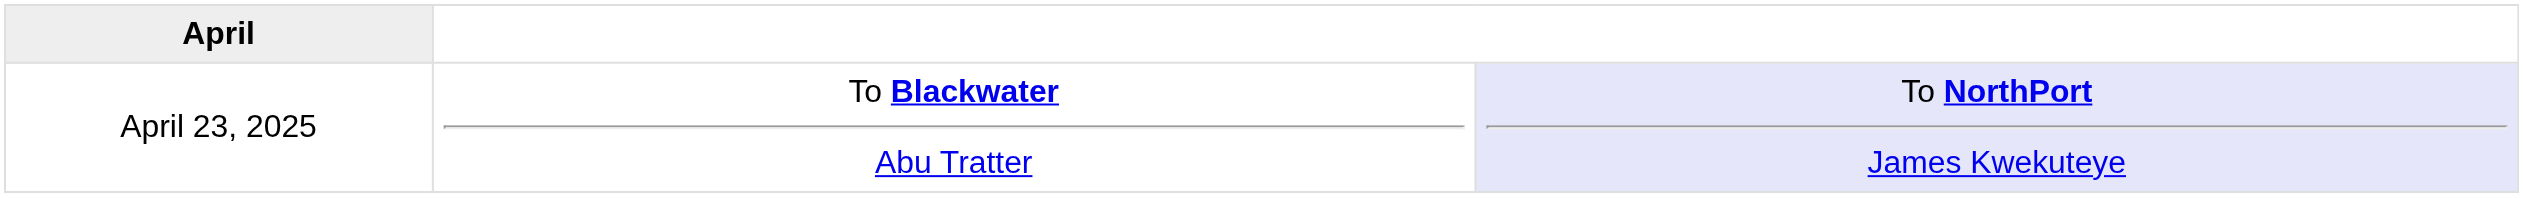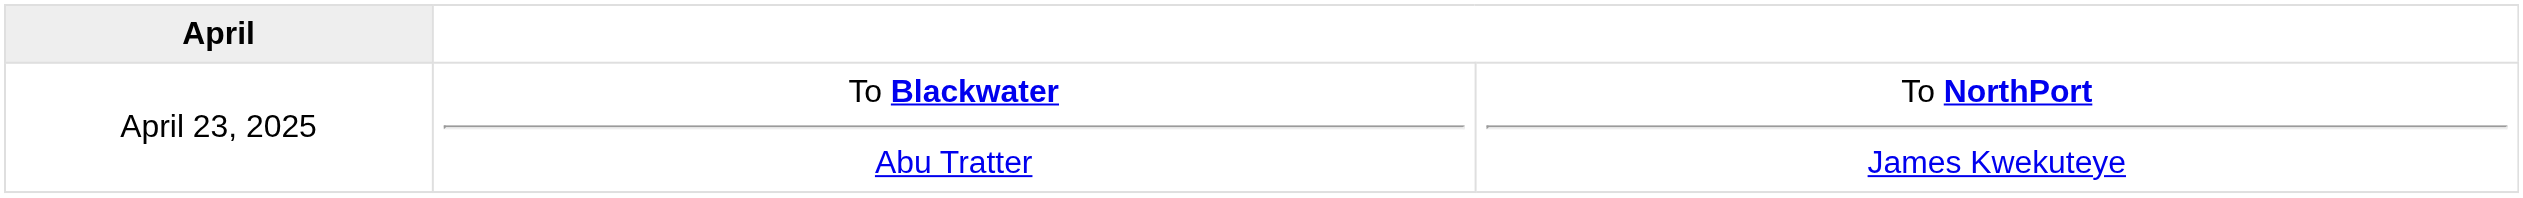 <table border=1 style="border-collapse:collapse; text-align: center; width: 100%" bordercolor="#DFDFDF"  cellpadding="5">
 <tr bgcolor="eeeeee">
 <th>April</th>
 </tr>
 <tr>
 <td style="width:12%">April 23, 2025</td>
 <td style="width:29.3%" valign="top">To <strong><a href='#'>Blackwater</a></strong><hr><a href='#'>Abu Tratter</a></td>
-<td style="background: lavender; width:29.3%" valign="top">To <strong><a href='#'>NorthPort</a></strong><hr><a href='#'>James Kwekuteye</a></td>
+<td style="width:29.3%" valign="top">To <strong><a href='#'>NorthPort</a></strong><hr><a href='#'>James Kwekuteye</a></td>
 </tr>
 </table>
